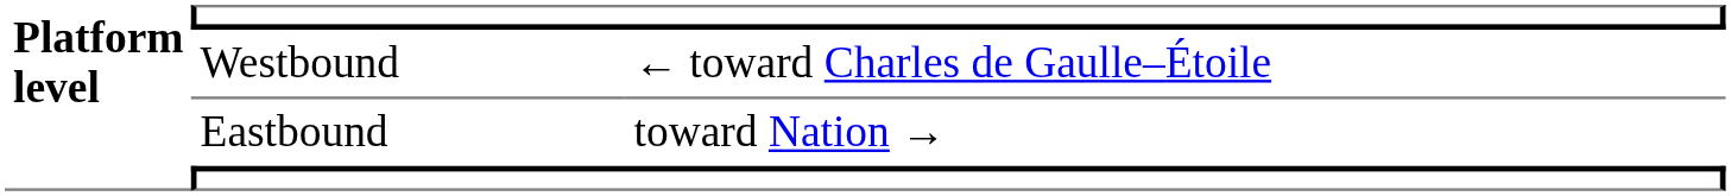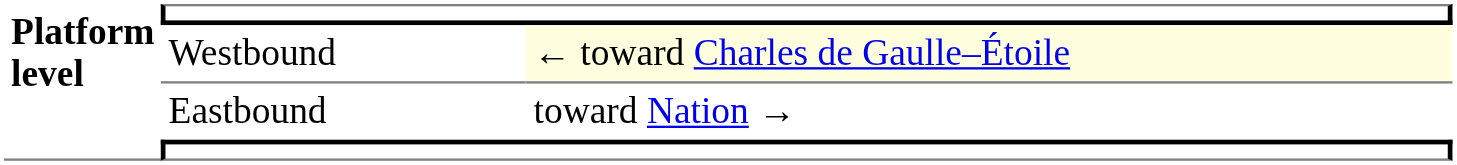 <table border=0 cellspacing=0 cellpadding=3>
 <tr>
 <td style="border-bottom:solid 1px gray;" width=50 rowspan=10 valign=top><strong>Platform level</strong></td>
 <td style="border-top:solid 1px gray;border-right:solid 2px black;border-left:solid 2px black;border-bottom:solid 2px black;text-align:center;" colspan=2></td>
 </tr>
 <tr>
 <td style="border-bottom:solid 1px gray;" width=150>Westbound</td>
-<td style="border-bottom:solid 1px gray;" width=390>←   toward <a href='#'>Charles de Gaulle–Étoile</a> </td>
+<td style="background: lightyellow; border-bottom:solid 1px gray;" width=390>←   toward <a href='#'>Charles de Gaulle–Étoile</a> </td>
 </tr>
 <tr>
 <td>Eastbound</td>
 <td>   toward <a href='#'>Nation</a>  →</td>
 </tr>
 <tr>
 <td style="border-top:solid 2px black;border-right:solid 2px black;border-left:solid 2px black;border-bottom:solid 1px gray;text-align:center;" colspan=2></td>
 </tr>
 </table>
